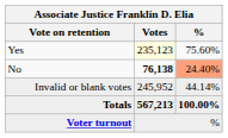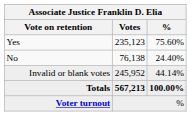 <table class="wikitable" style="font-size: 95%;">
 <tr style="background-color:#E9E9E9">
 <th colspan=7>Associate Justice Franklin D. Elia</th>
 </tr>
 <tr style="background-color:#E9E9E9">
 <th style="width: 170px">Vote on retention</th>
 <th style="width: 50px">Votes</th>
 <th style="width: 40px">%</th>
 </tr>
 <tr>
 <td>Yes</td>
-<td align="right" style="background: lightyellow;">235,123</td>
+<td align="right">235,123</td>
 <td align="right">75.60%</td>
 </tr>
 <tr>
 <td>No</td>
-<td align="right"><strong>76,138</strong></td>
-<td align="right" style="background: lightsalmon;">24.40%</td>
+<td align="right">76,138</td>
+<td align="right">24.40%</td>
 </tr>
 <tr bgcolor="#EEEEEE">
 <td align="right">Invalid or blank votes</td>
 <td align="right">245,952</td>
 <td align="right">44.14%</td>
 </tr>
 <tr bgcolor="#EEEEEE">
 <td align="right"><strong>Totals</strong></td>
 <td align="right"><strong>567,213</strong></td>
 <td align="right"><strong>100.00%</strong></td>
 </tr>
 <tr bgcolor="#EEEEEE">
 <td align="right"><strong><a href='#'>Voter turnout</a></strong></td>
 <td colspan="2" align="right">%</td>
 </tr>
 </table>
